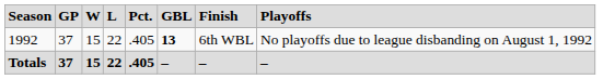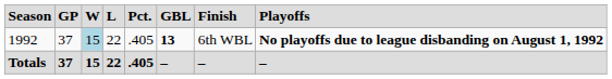 <table class="wikitable">
 <tr style="font-weight:bold; background:#ddd;" |>
 <td>Season</td>
 <td>GP</td>
 <td>W</td>
 <td>L</td>
 <td>Pct.</td>
 <td>GBL</td>
 <td>Finish</td>
 <td>Playoffs</td>
 </tr>
 <tr>
 <td>1992</td>
 <td>37</td>
-<td>15</td>
+<td style="background: lightblue;">15</td>
 <td>22</td>
 <td>.405</td>
 <td><strong>13</strong></td>
 <td>6th WBL</td>
-<td>No playoffs due to league disbanding on August 1, 1992</td>
+<td><strong>No playoffs due to league disbanding on August 1, 1992</strong></td>
 </tr>
 <tr style="font-weight:bold; background:#ddd;" |>
 <td>Totals</td>
 <td>37</td>
 <td>15</td>
 <td>22</td>
 <td>.405</td>
 <td>–</td>
 <td>–</td>
 <td>–</td>
 </tr>
 </table>
